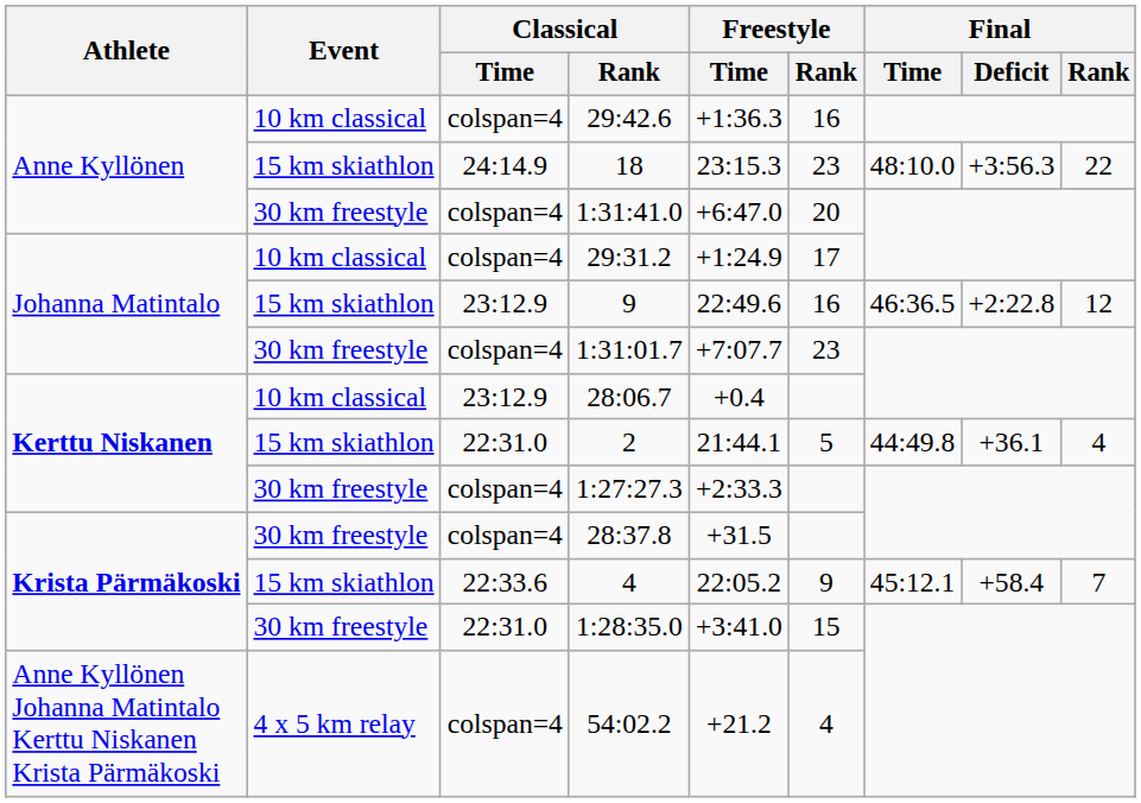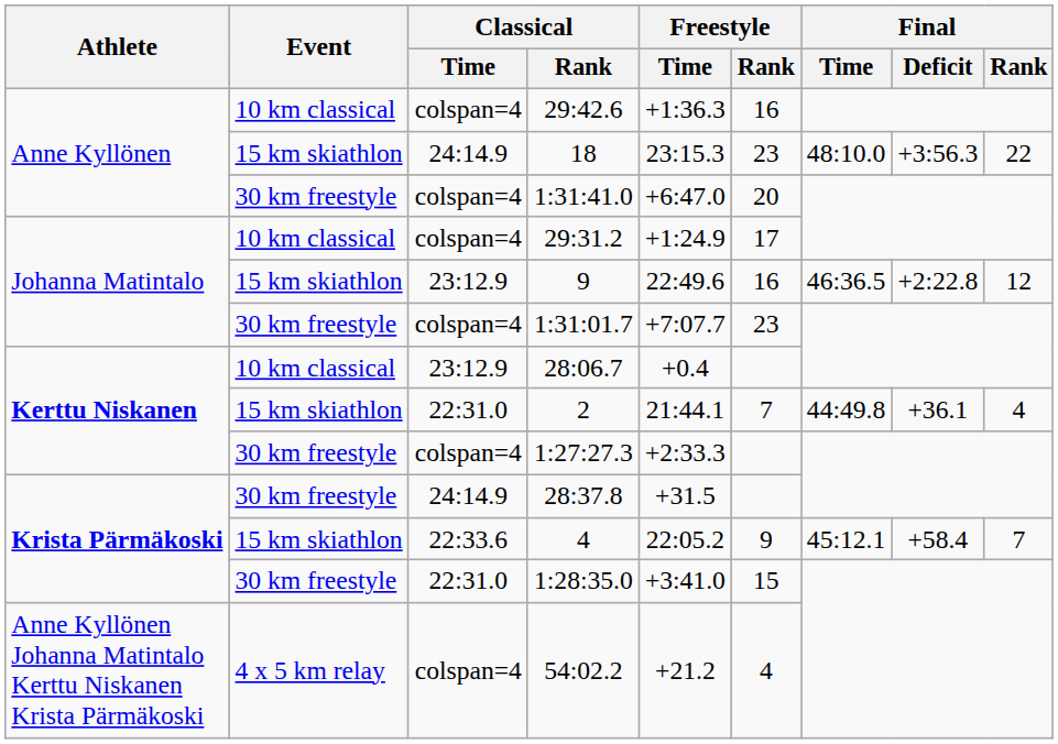 <table class="wikitable" style="font-size:90%">
 <tr>
 <th rowspan=2>Athlete</th>
 <th rowspan=2>Event</th>
 <th colspan=2>Classical</th>
 <th colspan=2>Freestyle</th>
 <th colspan=3>Final</th>
 </tr>
 <tr style="font-size: 95%">
 <th>Time</th>
 <th>Rank</th>
 <th>Time</th>
 <th>Rank</th>
 <th>Time</th>
 <th>Deficit</th>
 <th>Rank</th>
 </tr>
 <tr align=center>
 <td align=left rowspan=3><a href='#'>Anne Kyllönen</a></td>
 <td align=left><a href='#'>10 km classical</a></td>
 <td>colspan=4 </td>
 <td>29:42.6</td>
 <td>+1:36.3</td>
 <td>16</td>
 </tr>
 <tr align=center>
 <td align=left><a href='#'>15 km skiathlon</a></td>
 <td>24:14.9</td>
 <td>18</td>
 <td>23:15.3</td>
 <td>23</td>
 <td>48:10.0</td>
 <td>+3:56.3</td>
 <td>22</td>
 </tr>
 <tr align=center>
 <td align=left><a href='#'>30 km freestyle</a></td>
 <td>colspan=4 </td>
 <td>1:31:41.0</td>
 <td>+6:47.0</td>
 <td>20</td>
 </tr>
 <tr align=center>
 <td align=left rowspan=3><a href='#'>Johanna Matintalo</a></td>
 <td align=left><a href='#'>10 km classical</a></td>
 <td>colspan=4 </td>
 <td>29:31.2</td>
 <td>+1:24.9</td>
 <td>17</td>
 </tr>
 <tr align=center>
 <td align=left><a href='#'>15 km skiathlon</a></td>
 <td>23:12.9</td>
 <td>9</td>
 <td>22:49.6</td>
 <td>16</td>
 <td>46:36.5</td>
 <td>+2:22.8</td>
 <td>12</td>
 </tr>
 <tr align=center>
 <td align=left><a href='#'>30 km freestyle</a></td>
 <td>colspan=4 </td>
 <td>1:31:01.7</td>
 <td>+7:07.7</td>
 <td>23</td>
 </tr>
 <tr align=center>
 <td align=left rowspan=3><strong><a href='#'>Kerttu Niskanen</a></strong></td>
 <td align=left><a href='#'>10 km classical</a></td>
 <td>23:12.9</td>
 <td>28:06.7</td>
 <td>+0.4</td>
 <td></td>
 </tr>
 <tr align=center>
 <td align=left><a href='#'>15 km skiathlon</a></td>
 <td>22:31.0</td>
 <td>2</td>
 <td>21:44.1</td>
-<td>5</td>
+<td>7</td>
 <td>44:49.8</td>
 <td>+36.1</td>
 <td>4</td>
 </tr>
 <tr align=center>
 <td align=left><a href='#'>30 km freestyle</a></td>
 <td>colspan=4 </td>
 <td>1:27:27.3</td>
 <td>+2:33.3</td>
 <td></td>
 </tr>
 <tr align=center>
 <td align=left rowspan=3><strong><a href='#'>Krista Pärmäkoski</a></strong></td>
 <td align=left><a href='#'>30 km freestyle</a></td>
-<td>colspan=4 </td>
+<td>24:14.9</td>
 <td>28:37.8</td>
 <td>+31.5</td>
 <td></td>
 </tr>
 <tr align=center>
 <td align=left><a href='#'>15 km skiathlon</a></td>
 <td>22:33.6</td>
 <td>4</td>
 <td>22:05.2</td>
 <td>9</td>
 <td>45:12.1</td>
 <td>+58.4</td>
 <td>7</td>
 </tr>
 <tr align=center>
 <td align=left><a href='#'>30 km freestyle</a></td>
 <td>22:31.0</td>
 <td>1:28:35.0</td>
 <td>+3:41.0</td>
 <td>15</td>
 </tr>
 <tr align=center>
 <td align=left><a href='#'>Anne Kyllönen</a><br><a href='#'>Johanna Matintalo</a><br><a href='#'>Kerttu Niskanen</a><br><a href='#'>Krista Pärmäkoski</a></td>
 <td align=left><a href='#'>4 x 5 km relay</a></td>
 <td>colspan=4 </td>
 <td>54:02.2</td>
 <td>+21.2</td>
 <td>4</td>
 </tr>
 </table>
